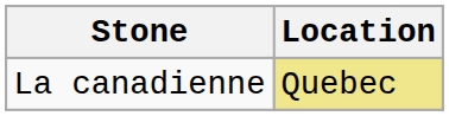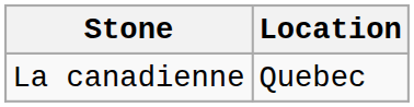 <table class="wikitable">
 <tr>
 <th>Stone</th>
 <th>Location</th>
 </tr>
 <tr>
 <td>La canadienne</td>
-<td style="background: khaki;">Quebec</td>
+<td>Quebec</td>
 </tr>
 </table>
